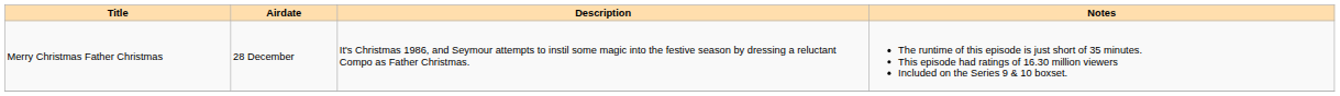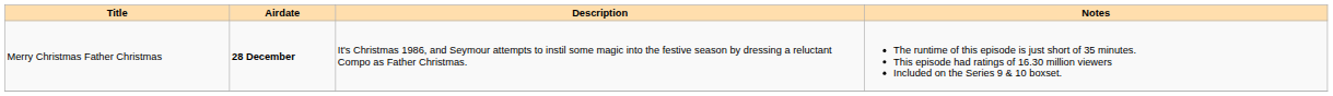 <table class="wikitable" width=100% border=1 style="font-size: 95%">
 <tr>
 <th style="background:#ffdead" width=17%>Title</th>
 <th style="background:#ffdead" width=8%>Airdate</th>
 <th style="background:#ffdead" width=40%>Description</th>
 <th style="background:#ffdead" width=35%>Notes</th>
 </tr>
 <tr>
 <td>Merry Christmas Father Christmas</td>
-<td>28 December</td>
+<td><strong>28 December</strong></td>
 <td>It's Christmas 1986, and Seymour attempts to instil some magic into the festive season by dressing a reluctant Compo as Father Christmas.</td>
 <td><br><ul><li>The runtime of this episode is just short of 35 minutes.</li><li>This episode had ratings of 16.30 million viewers</li><li>Included on the Series 9 & 10 boxset.</li></ul></td>
 </tr>
 <tr>
 </tr>
 </table>
